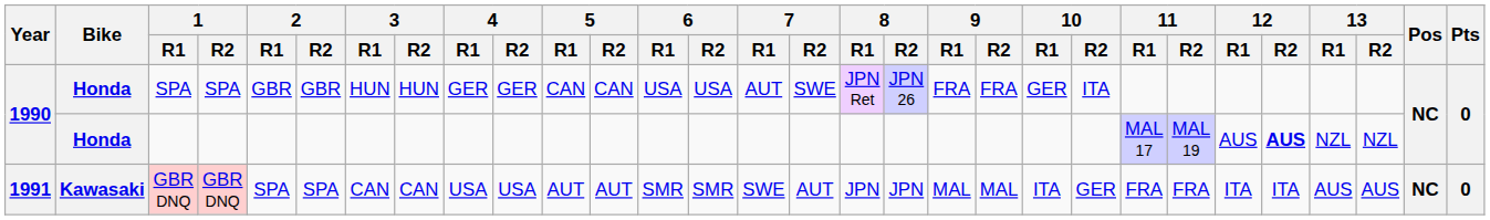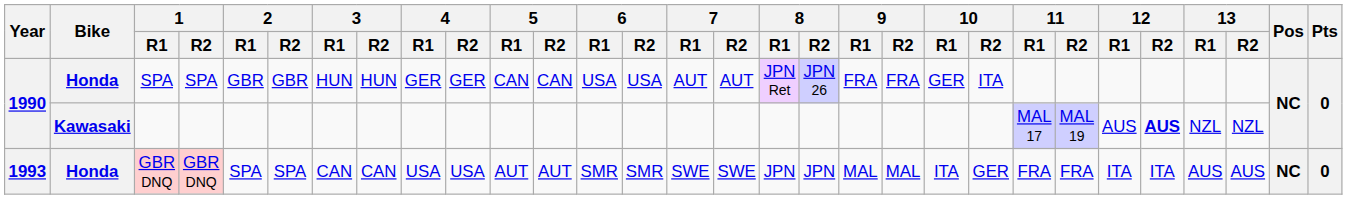 <table class="wikitable" style="text-align:center; font-size:90%">
 <tr>
 <th valign="middle" rowspan=2>Year</th>
 <th valign="middle" rowspan=2>Bike</th>
 <th colspan=2>1</th>
 <th colspan=2>2</th>
 <th colspan=2>3</th>
 <th colspan=2>4</th>
 <th colspan=2>5</th>
 <th colspan=2>6</th>
 <th colspan=2>7</th>
 <th colspan=2>8</th>
 <th colspan=2>9</th>
 <th colspan=2>10</th>
 <th colspan=2>11</th>
 <th colspan=2>12</th>
 <th colspan=2>13</th>
 <th rowspan=2>Pos</th>
 <th rowspan=2>Pts</th>
 </tr>
 <tr>
 <th>R1</th>
 <th>R2</th>
 <th>R1</th>
 <th>R2</th>
 <th>R1</th>
 <th>R2</th>
 <th>R1</th>
 <th>R2</th>
 <th>R1</th>
 <th>R2</th>
 <th>R1</th>
 <th>R2</th>
 <th>R1</th>
 <th>R2</th>
 <th>R1</th>
 <th>R2</th>
 <th>R1</th>
 <th>R2</th>
 <th>R1</th>
 <th>R2</th>
 <th>R1</th>
 <th>R2</th>
 <th>R1</th>
 <th>R2</th>
 <th>R1</th>
 <th>R2</th>
 </tr>
 <tr>
 <th rowspan=2><a href='#'>1990</a></th>
 <th><a href='#'>Honda</a></th>
 <td><a href='#'>SPA</a></td>
 <td><a href='#'>SPA</a></td>
 <td><a href='#'>GBR</a></td>
 <td><a href='#'>GBR</a></td>
 <td><a href='#'>HUN</a></td>
 <td><a href='#'>HUN</a></td>
 <td><a href='#'>GER</a></td>
 <td><a href='#'>GER</a></td>
 <td><a href='#'>CAN</a></td>
 <td><a href='#'>CAN</a></td>
 <td><a href='#'>USA</a></td>
 <td><a href='#'>USA</a></td>
 <td><a href='#'>AUT</a></td>
-<td><a href='#'>SWE</a></td>
+<td><a href='#'>AUT</a></td>
 <td style="background:#EFCFFF;"><a href='#'>JPN</a><br><small>Ret</small></td>
 <td style="background:#CFCFFF;"><a href='#'>JPN</a><br><small>26</small></td>
 <td><a href='#'>FRA</a></td>
 <td><a href='#'>FRA</a></td>
 <td><a href='#'>GER</a></td>
 <td><a href='#'>ITA</a></td>
 <td></td>
 <td></td>
 <td></td>
 <td></td>
 <td></td>
 <td></td>
 <th rowspan=2>NC</th>
 <th rowspan=2>0</th>
 </tr>
 <tr>
-<th><a href='#'>Honda</a></th>
+<th><a href='#'>Kawasaki</a></th>
 <td></td>
 <td></td>
 <td></td>
 <td></td>
 <td></td>
 <td></td>
 <td></td>
 <td></td>
 <td></td>
 <td></td>
 <td></td>
 <td></td>
 <td></td>
 <td></td>
 <td></td>
 <td></td>
 <td></td>
 <td></td>
 <td></td>
 <td></td>
 <td style="background:#CFCFFF;"><a href='#'>MAL</a><br><small>17</small></td>
 <td style="background:#CFCFFF;"><a href='#'>MAL</a><br><small>19</small></td>
 <td><a href='#'>AUS</a></td>
 <td><strong><a href='#'>AUS</a></strong></td>
 <td><a href='#'>NZL</a></td>
 <td><a href='#'>NZL</a></td>
 </tr>
 <tr>
-<th><a href='#'>1991</a></th>
-<th><a href='#'>Kawasaki</a></th>
+<th><a href='#'>1993</a></th>
+<th><a href='#'>Honda</a></th>
 <td style="background:#FFCFCF;"><a href='#'>GBR</a><br><small>DNQ</small></td>
 <td style="background:#FFCFCF;"><a href='#'>GBR</a><br><small>DNQ</small></td>
 <td><a href='#'>SPA</a></td>
 <td><a href='#'>SPA</a></td>
 <td><a href='#'>CAN</a></td>
 <td><a href='#'>CAN</a></td>
 <td><a href='#'>USA</a></td>
 <td><a href='#'>USA</a></td>
 <td><a href='#'>AUT</a></td>
 <td><a href='#'>AUT</a></td>
 <td><a href='#'>SMR</a></td>
 <td><a href='#'>SMR</a></td>
 <td><a href='#'>SWE</a></td>
-<td><a href='#'>AUT</a></td>
+<td><a href='#'>SWE</a></td>
 <td><a href='#'>JPN</a></td>
 <td><a href='#'>JPN</a></td>
 <td><a href='#'>MAL</a></td>
 <td><a href='#'>MAL</a></td>
 <td><a href='#'>ITA</a></td>
 <td><a href='#'>GER</a></td>
 <td><a href='#'>FRA</a></td>
 <td><a href='#'>FRA</a></td>
 <td><a href='#'>ITA</a></td>
 <td><a href='#'>ITA</a></td>
 <td><a href='#'>AUS</a></td>
 <td><a href='#'>AUS</a></td>
 <th>NC</th>
 <th>0</th>
 </tr>
 </table>
